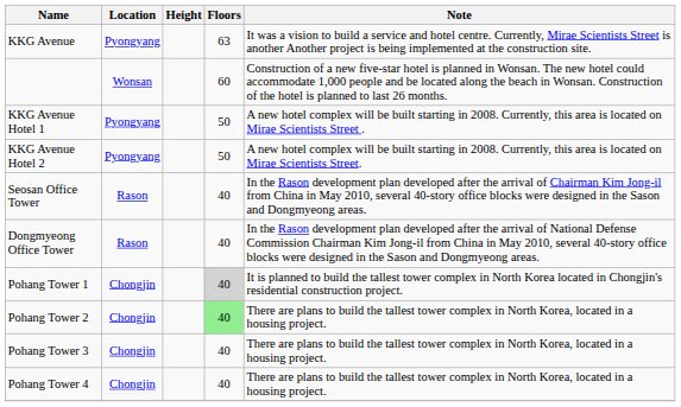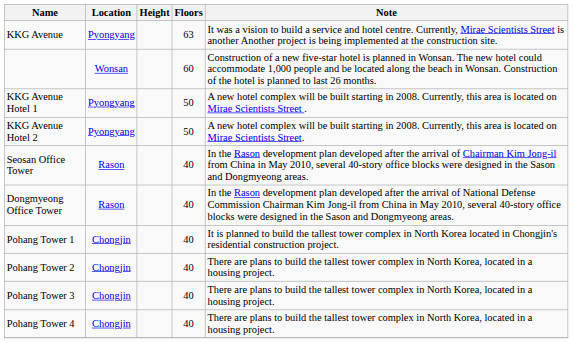 <table class="wikitable sortable">
 <tr>
 <th>Name</th>
 <th>Location</th>
 <th>Height</th>
 <th>Floors</th>
 <th class="unsortable">Note</th>
 </tr>
 <tr>
 <td>KKG Avenue</td>
 <td align="center"><a href='#'>Pyongyang</a></td>
 <td align="center"></td>
 <td align="center">63</td>
 <td>It was a vision to build a service and hotel centre. Currently, <a href='#'>Mirae Scientists Street</a> is another Another project is being implemented at the construction site.</td>
 </tr>
 <tr>
 <td></td>
 <td align="center"><a href='#'>Wonsan</a></td>
 <td align="center"></td>
 <td align="center">60</td>
 <td>Construction of a new five-star hotel is planned in Wonsan. The new hotel could accommodate 1,000 people and be located along the beach in Wonsan. Construction of the hotel is planned to last 26 months.</td>
 </tr>
 <tr>
 <td>KKG Avenue Hotel 1</td>
 <td align="center"><a href='#'>Pyongyang</a></td>
 <td align="center"></td>
 <td align="center">50</td>
 <td>A new hotel complex will be built starting in 2008. Currently, this area is located on <a href='#'>Mirae Scientists Street </a>.</td>
 </tr>
 <tr>
 <td>KKG Avenue Hotel 2</td>
 <td align="center"><a href='#'>Pyongyang</a></td>
 <td align="center"></td>
 <td align="center">50</td>
 <td>A new hotel complex will be built starting in 2008. Currently, this area is located on <a href='#'>Mirae Scientists Street</a>.</td>
 </tr>
 <tr>
 <td>Seosan Office Tower</td>
 <td align="center"><a href='#'>Rason</a></td>
 <td align="center"></td>
 <td align="center">40</td>
 <td>In the <a href='#'>Rason</a> development plan developed after the arrival of <a href='#'>Chairman Kim Jong-il</a> from China in May 2010, several 40-story office blocks were designed in the Sason and Dongmyeong areas.</td>
 </tr>
 <tr>
 <td>Dongmyeong Office Tower</td>
 <td align="center"><a href='#'>Rason</a></td>
 <td align="center"></td>
 <td align="center">40</td>
 <td>In the <a href='#'>Rason</a> development plan developed after the arrival of National Defense Commission Chairman Kim Jong-il from China in May 2010, several 40-story office blocks were designed in the Sason and Dongmyeong areas.</td>
 </tr>
 <tr>
 <td>Pohang Tower 1</td>
 <td align="center"><a href='#'>Chongjin</a></td>
 <td align="center"></td>
-<td align="center" style="background: lightgrey;">40</td>
+<td align="center">40</td>
 <td>It is planned to build the tallest tower complex in North Korea located in Chongjin's residential construction project.</td>
 </tr>
 <tr>
 <td>Pohang Tower 2</td>
 <td align="center"><a href='#'>Chongjin</a></td>
 <td align="center"></td>
-<td align="center" style="background: lightgreen;">40</td>
+<td align="center">40</td>
 <td>There are plans to build the tallest tower complex in North Korea, located in a housing project.</td>
 </tr>
 <tr>
 <td>Pohang Tower 3</td>
 <td align="center"><a href='#'>Chongjin</a></td>
 <td align="center"></td>
 <td align="center">40</td>
 <td>There are plans to build the tallest tower complex in North Korea, located in a housing project.</td>
 </tr>
 <tr>
 <td>Pohang Tower 4</td>
 <td align="center"><a href='#'>Chongjin</a></td>
 <td align="center"></td>
 <td align="center">40</td>
 <td>There are plans to build the tallest tower complex in North Korea, located in a housing project.</td>
 </tr>
 <tr>
 </tr>
 </table>
